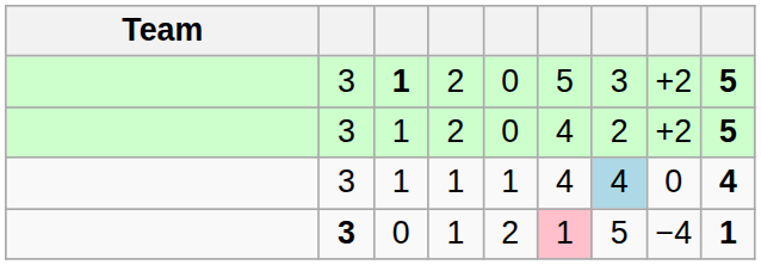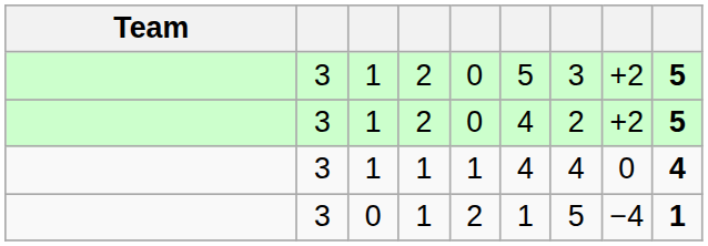 <table class="wikitable" style="text-align:center;">
 <tr>
 <th width=150>Team</th>
 <th width=20></th>
 <th width=20></th>
 <th width=20></th>
 <th width=20></th>
 <th width=20></th>
 <th width=20></th>
 <th width=20></th>
 <th width=20></th>
 </tr>
 <tr bgcolor="#ccffcc">
 <td align=left></td>
 <td>3</td>
-<td><strong>1</strong></td>
+<td>1</td>
 <td>2</td>
 <td>0</td>
 <td>5</td>
 <td>3</td>
 <td>+2</td>
 <td><strong>5</strong></td>
 </tr>
 <tr bgcolor="#ccffcc">
 <td align=left></td>
 <td>3</td>
 <td>1</td>
 <td>2</td>
 <td>0</td>
 <td>4</td>
 <td>2</td>
 <td>+2</td>
 <td><strong>5</strong></td>
 </tr>
 <tr>
 <td align=left></td>
 <td>3</td>
 <td>1</td>
 <td>1</td>
 <td>1</td>
 <td>4</td>
-<td style="background: lightblue;">4</td>
+<td>4</td>
 <td>0</td>
 <td><strong>4</strong></td>
 </tr>
 <tr>
 <td align=left></td>
-<td><strong>3</strong></td>
+<td>3</td>
 <td>0</td>
 <td>1</td>
 <td>2</td>
-<td style="background: pink;">1</td>
+<td>1</td>
 <td>5</td>
 <td>−4</td>
 <td><strong>1</strong></td>
 </tr>
 </table>
